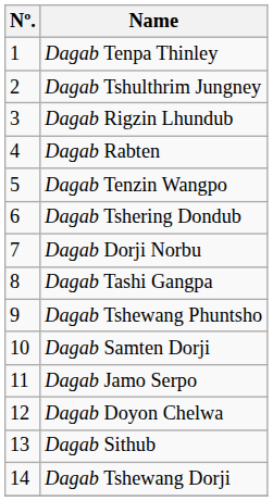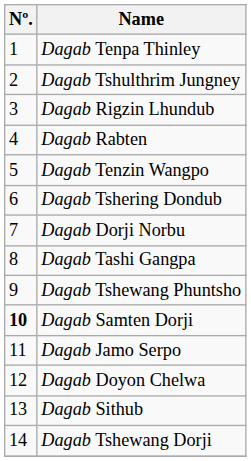 <table class=wikitable style="font-size: 85%;">
 <tr>
 <th>Nº.</th>
 <th>Name</th>
 </tr>
 <tr>
 <td>1</td>
 <td><em>Dagab</em> Tenpa Thinley</td>
 </tr>
 <tr>
 <td>2</td>
 <td><em>Dagab</em> Tshulthrim Jungney</td>
 </tr>
 <tr>
 <td>3</td>
 <td><em>Dagab</em> Rigzin Lhundub</td>
 </tr>
 <tr>
 <td>4</td>
 <td><em>Dagab</em> Rabten</td>
 </tr>
 <tr>
 <td>5</td>
 <td><em>Dagab</em> Tenzin Wangpo</td>
 </tr>
 <tr>
 <td>6</td>
 <td><em>Dagab</em> Tshering Dondub</td>
 </tr>
 <tr>
 <td>7</td>
 <td><em>Dagab</em> Dorji Norbu</td>
 </tr>
 <tr>
 <td>8</td>
 <td><em>Dagab</em> Tashi Gangpa</td>
 </tr>
 <tr>
 <td>9</td>
 <td><em>Dagab</em> Tshewang Phuntsho</td>
 </tr>
 <tr>
-<td>10</td>
+<td><strong>10</strong></td>
 <td><em>Dagab</em> Samten Dorji</td>
 </tr>
 <tr>
 <td>11</td>
 <td><em>Dagab</em> Jamo Serpo</td>
 </tr>
 <tr>
 <td>12</td>
 <td><em>Dagab</em> Doyon Chelwa</td>
 </tr>
 <tr>
 <td>13</td>
 <td><em>Dagab</em> Sithub</td>
 </tr>
 <tr>
 <td>14</td>
 <td><em>Dagab</em> Tshewang Dorji</td>
 </tr>
 <tr>
 </tr>
 </table>
